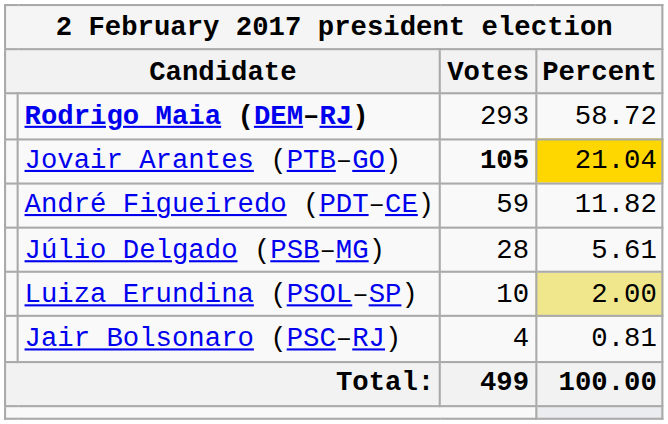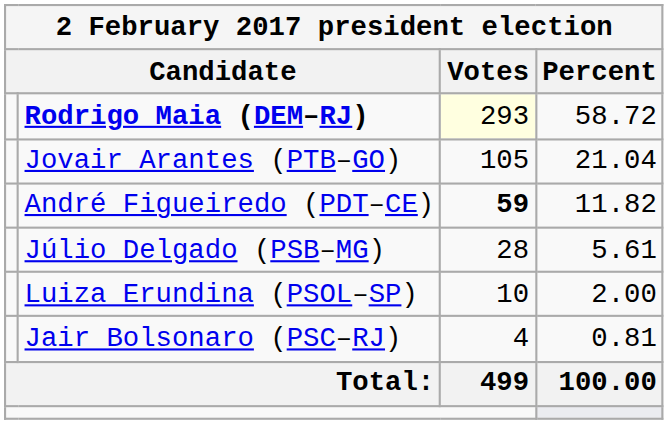 <table class="wikitable">
 <tr>
 <th colspan=5 style="background:#F5F5F5">2 February 2017 president election</th>
 </tr>
 <tr>
 <th colspan=2>Candidate</th>
 <th>Votes</th>
 <th>Percent</th>
 </tr>
 <tr>
 <td style="background-color:"></td>
 <td><strong><a href='#'>Rodrigo Maia</a> (<a href='#'>DEM</a>–<a href='#'>RJ</a>)</strong> </td>
-<td style="text-align:right">293</td>
+<td style="background: lightyellow; text-align:right">293</td>
 <td style="text-align:right">58.72</td>
 </tr>
 <tr>
 <td style="background-color:"></td>
 <td><a href='#'>Jovair Arantes</a> (<a href='#'>PTB</a>–<a href='#'>GO</a>)</td>
-<td style="text-align:right"><strong>105</strong></td>
-<td style="background: gold; text-align:right">21.04</td>
+<td style="text-align:right">105</td>
+<td style="text-align:right">21.04</td>
 </tr>
 <tr>
 <td style="background-color:"></td>
 <td><a href='#'>André Figueiredo</a> (<a href='#'>PDT</a>–<a href='#'>CE</a>)</td>
-<td style="text-align:right">59</td>
+<td style="text-align:right"><strong>59</strong></td>
 <td style="text-align:right">11.82</td>
 </tr>
 <tr>
 <td style="background-color:"></td>
 <td><a href='#'>Júlio Delgado</a> (<a href='#'>PSB</a>–<a href='#'>MG</a>)</td>
 <td style="text-align:right">28</td>
 <td style="text-align:right">5.61</td>
 </tr>
 <tr>
 <td style="background-color:"></td>
 <td><a href='#'>Luiza Erundina</a> (<a href='#'>PSOL</a>–<a href='#'>SP</a>)</td>
 <td style="text-align:right">10</td>
-<td style="background: khaki; text-align:right">2.00</td>
+<td style="text-align:right">2.00</td>
 </tr>
 <tr>
 <td style="background-color:"></td>
 <td><a href='#'>Jair Bolsonaro</a> (<a href='#'>PSC</a>–<a href='#'>RJ</a>)</td>
 <td style="text-align:right">4</td>
 <td style="text-align:right">0.81</td>
 </tr>
 <tr>
 <th colspan=2 style="text-align:right">Total:</th>
 <th style="text-align:right">499</th>
 <th style="text-align:right">100.00</th>
 </tr>
 <tr>
 <td colspan=3></td>
 <td style="background:#EBECF0" rowspan=2></td>
 </tr>
 </table>
